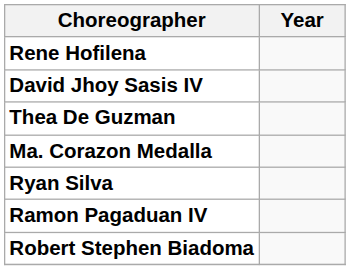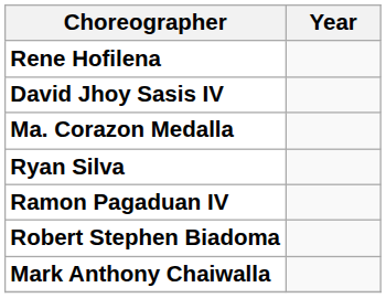 <table class="wikitable" style="text align: center">
 <tr bgcolor="#efefef">
 <th>Choreographer</th>
 <th>   Year   </th>
 </tr>
 <tr>
 <td bgcolor="#ffffff"><strong>Rene Hofilena</strong></td>
 <td></td>
 </tr>
 <tr>
 <td bgcolor="#ffffff"><strong>David Jhoy Sasis IV</strong></td>
-<td></td>
-</tr>
-<tr>
-<td bgcolor="#ffffff"><strong>Thea De Guzman</strong></td>
 <td></td>
 </tr>
 <tr>
 <td bgcolor="#ffffff"><strong>Ma. Corazon Medalla</strong></td>
 <td></td>
 </tr>
 <tr>
 <td bgcolor="#ffffff"><strong>Ryan Silva</strong></td>
 <td></td>
 </tr>
 <tr>
 <td bgcolor="#ffffff"><strong>Ramon Pagaduan IV</strong></td>
 <td></td>
 </tr>
 <tr>
 <td bgcolor="#ffffff"><strong>Robert Stephen Biadoma</strong></td>
 <td></td>
 </tr>
 <tr>
+<td bgcolor="#ffffff"><strong>Mark Anthony Chaiwalla</strong></td>
+<td></td>
+</tr>
+<tr>
 </tr>
 </table>
